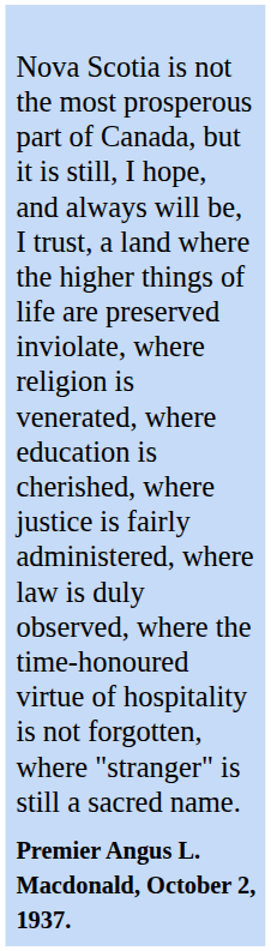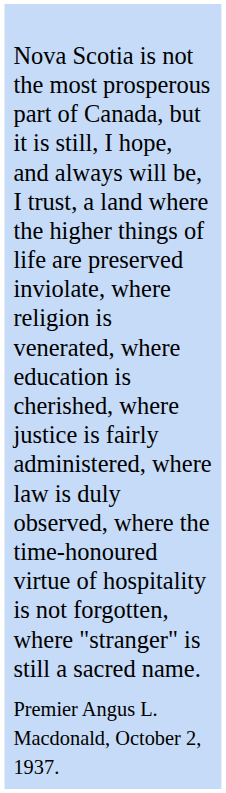 <table class="toccolours" style="float: right; margin-left: 1em; margin-right: 1em; font-size: 110%; background:#c6dbf7; color:black; width:23em; max-width: 25%;" cellspacing="5">
 <tr>
 <td style="text-align: left;"><br>Nova Scotia is not the most prosperous part of Canada, but it is still, I hope, and always will be, I trust, a land where the higher things of life are preserved inviolate, where religion is venerated, where education is cherished, where justice is fairly administered, where law is duly observed, where the time-honoured virtue of hospitality is not forgotten, where "stranger" is still a sacred name.</td>
 </tr>
 <tr>
-<td style="text-align: left;"><strong><small>Premier Angus L. Macdonald, October 2, 1937.</small></strong></td>
+<td style="text-align: left;"><small>Premier Angus L. Macdonald, October 2, 1937.</small></td>
 </tr>
 </table>
